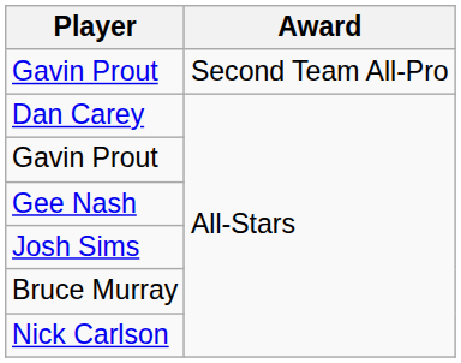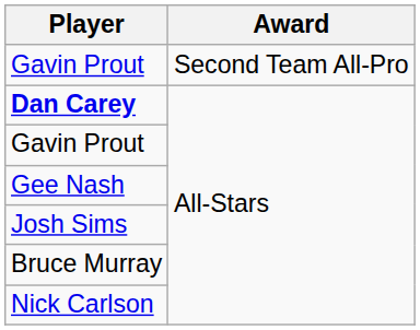 <table class="wikitable">
 <tr>
 <th>Player</th>
 <th>Award</th>
 </tr>
 <tr>
 <td><a href='#'>Gavin Prout</a></td>
 <td>Second Team All-Pro</td>
 </tr>
 <tr>
-<td><a href='#'>Dan Carey</a></td>
+<td><strong><a href='#'>Dan Carey</a></strong></td>
 <td rowspan=6>All-Stars</td>
 </tr>
 <tr>
 <td>Gavin Prout</td>
 </tr>
 <tr>
 <td><a href='#'>Gee Nash</a></td>
 </tr>
 <tr>
 <td><a href='#'>Josh Sims</a></td>
 </tr>
 <tr>
 <td>Bruce Murray</td>
 </tr>
 <tr>
 <td><a href='#'>Nick Carlson</a></td>
 </tr>
 </table>
